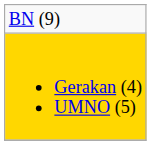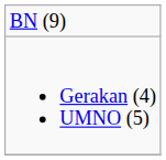 <table class="wikitable">
 <tr>
 <td> <a href='#'>BN</a> (9)</td>
 </tr>
 <tr>
-<td style="background: gold;"><br><ul><li> <a href='#'>Gerakan</a> (4)</li><li> <a href='#'>UMNO</a> (5)</li></ul></td>
+<td><br><ul><li> <a href='#'>Gerakan</a> (4)</li><li> <a href='#'>UMNO</a> (5)</li></ul></td>
 </tr>
 <tr>
 </tr>
 </table>
